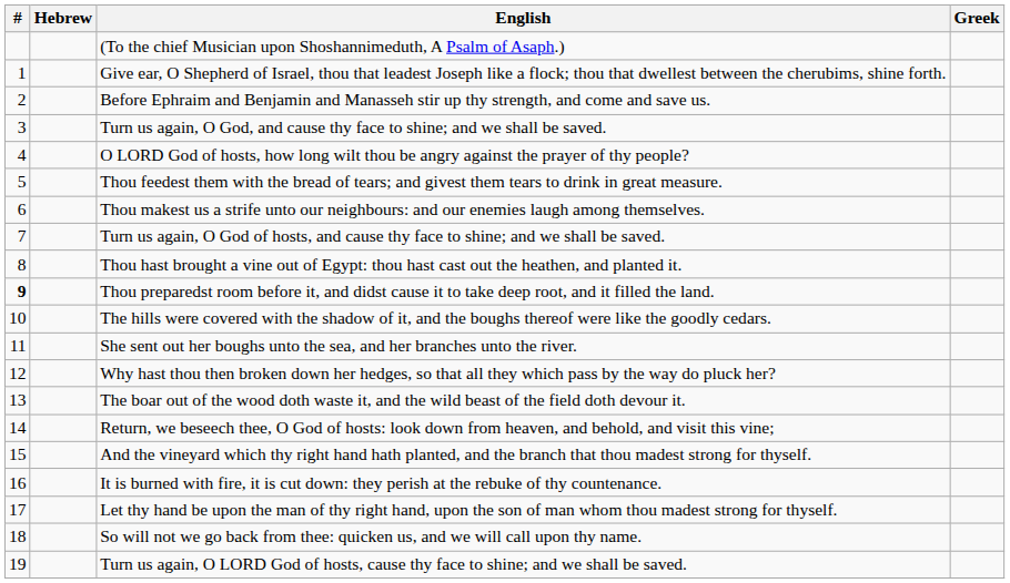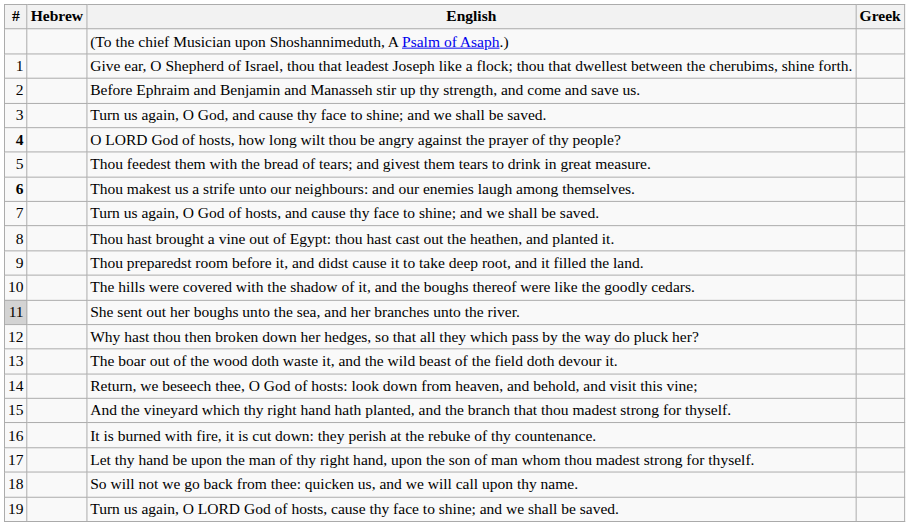 <table class=wikitable>
 <tr>
 <th>#</th>
 <th>Hebrew</th>
 <th>English</th>
 <th>Greek</th>
 </tr>
 <tr>
 <td style="text-align:right"></td>
 <td style="text-align:right"></td>
 <td>(To the chief Musician upon Shoshannimeduth, A <a href='#'>Psalm of Asaph</a>.)</td>
 <td></td>
 </tr>
 <tr>
 <td style="text-align:right">1</td>
 <td style="text-align:right"></td>
 <td>Give ear, O Shepherd of Israel, thou that leadest Joseph like a flock; thou that dwellest between the cherubims, shine forth.</td>
 <td></td>
 </tr>
 <tr>
 <td style="text-align:right">2</td>
 <td style="text-align:right"></td>
 <td>Before Ephraim and Benjamin and Manasseh stir up thy strength, and come and save us.</td>
 <td></td>
 </tr>
 <tr>
 <td style="text-align:right">3</td>
 <td style="text-align:right"></td>
 <td>Turn us again, O God, and cause thy face to shine; and we shall be saved.</td>
 <td></td>
 </tr>
 <tr>
-<td style="text-align:right">4</td>
+<td style="text-align:right"><strong>4</strong></td>
 <td style="text-align:right"></td>
 <td>O LORD God of hosts, how long wilt thou be angry against the prayer of thy people?</td>
 <td></td>
 </tr>
 <tr>
 <td style="text-align:right">5</td>
 <td style="text-align:right"></td>
 <td>Thou feedest them with the bread of tears; and givest them tears to drink in great measure.</td>
 <td></td>
 </tr>
 <tr>
-<td style="text-align:right">6</td>
+<td style="text-align:right"><strong>6</strong></td>
 <td style="text-align:right"></td>
 <td>Thou makest us a strife unto our neighbours: and our enemies laugh among themselves.</td>
 <td></td>
 </tr>
 <tr>
 <td style="text-align:right">7</td>
 <td style="text-align:right"></td>
 <td>Turn us again, O God of hosts, and cause thy face to shine; and we shall be saved.</td>
 <td></td>
 </tr>
 <tr>
 <td style="text-align:right">8</td>
 <td style="text-align:right"></td>
 <td>Thou hast brought a vine out of Egypt: thou hast cast out the heathen, and planted it.</td>
 <td></td>
 </tr>
 <tr>
-<td style="text-align:right"><strong>9</strong></td>
+<td style="text-align:right">9</td>
 <td style="text-align:right"></td>
 <td>Thou preparedst room before it, and didst cause it to take deep root, and it filled the land.</td>
 <td></td>
 </tr>
 <tr>
 <td style="text-align:right">10</td>
 <td style="text-align:right"></td>
 <td>The hills were covered with the shadow of it, and the boughs thereof were like the goodly cedars.</td>
 <td></td>
 </tr>
 <tr>
-<td style="text-align:right">11</td>
+<td style="background: lightgrey; text-align:right">11</td>
 <td style="text-align:right"></td>
 <td>She sent out her boughs unto the sea, and her branches unto the river.</td>
 <td></td>
 </tr>
 <tr>
 <td style="text-align:right">12</td>
 <td style="text-align:right"></td>
 <td>Why hast thou then broken down her hedges, so that all they which pass by the way do pluck her?</td>
 <td></td>
 </tr>
 <tr>
 <td style="text-align:right">13</td>
 <td style="text-align:right"></td>
 <td>The boar out of the wood doth waste it, and the wild beast of the field doth devour it.</td>
 <td></td>
 </tr>
 <tr>
 <td style="text-align:right">14</td>
 <td style="text-align:right"></td>
 <td>Return, we beseech thee, O God of hosts: look down from heaven, and behold, and visit this vine;</td>
 <td></td>
 </tr>
 <tr>
 <td style="text-align:right">15</td>
 <td style="text-align:right"></td>
 <td>And the vineyard which thy right hand hath planted, and the branch that thou madest strong for thyself.</td>
 <td></td>
 </tr>
 <tr>
 <td style="text-align:right">16</td>
 <td style="text-align:right"></td>
 <td>It is burned with fire, it is cut down: they perish at the rebuke of thy countenance.</td>
 <td></td>
 </tr>
 <tr>
 <td style="text-align:right">17</td>
 <td style="text-align:right"></td>
 <td>Let thy hand be upon the man of thy right hand, upon the son of man whom thou madest strong for thyself.</td>
 <td></td>
 </tr>
 <tr>
 <td style="text-align:right">18</td>
 <td style="text-align:right"></td>
 <td>So will not we go back from thee: quicken us, and we will call upon thy name.</td>
 <td></td>
 </tr>
 <tr>
 <td style="text-align:right">19</td>
 <td style="text-align:right"></td>
 <td>Turn us again, O LORD God of hosts, cause thy face to shine; and we shall be saved.</td>
 <td></td>
 </tr>
 <tr>
 </tr>
 </table>
